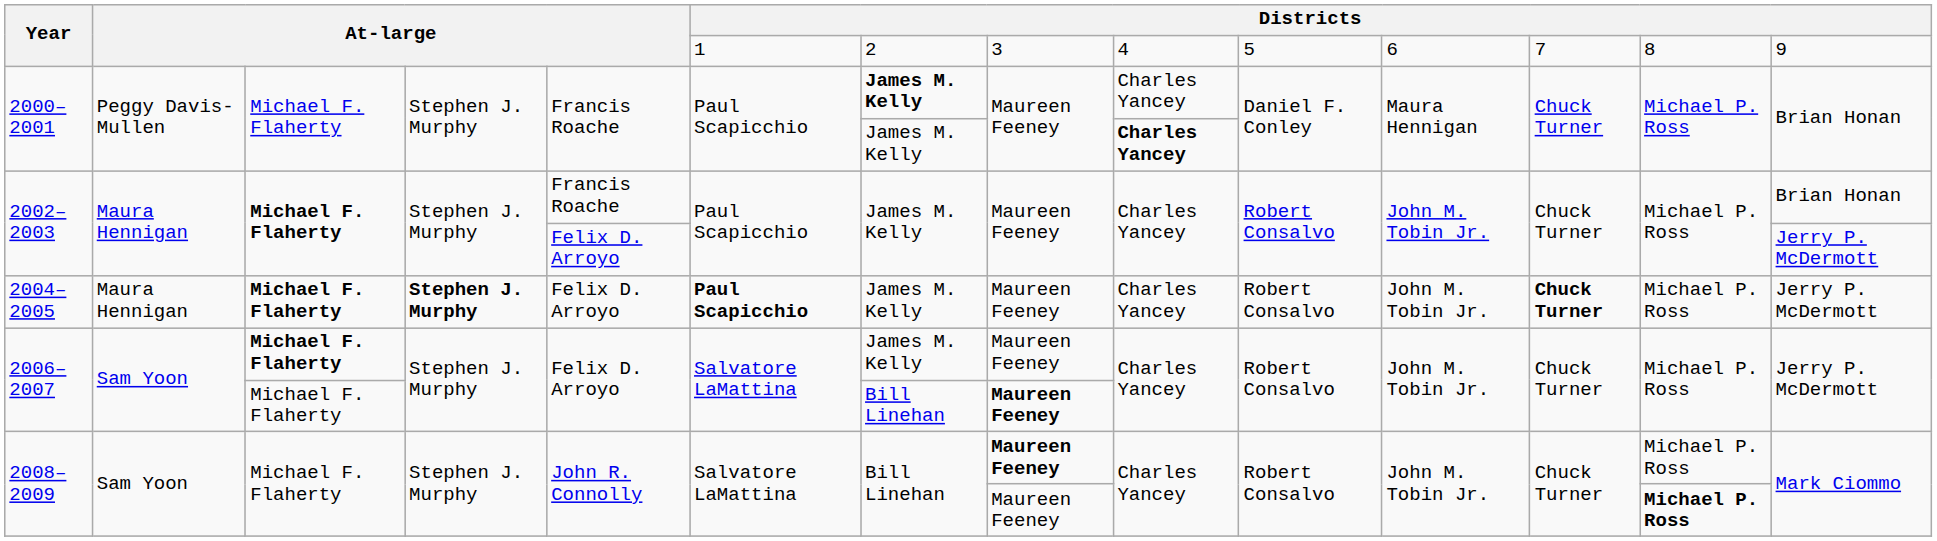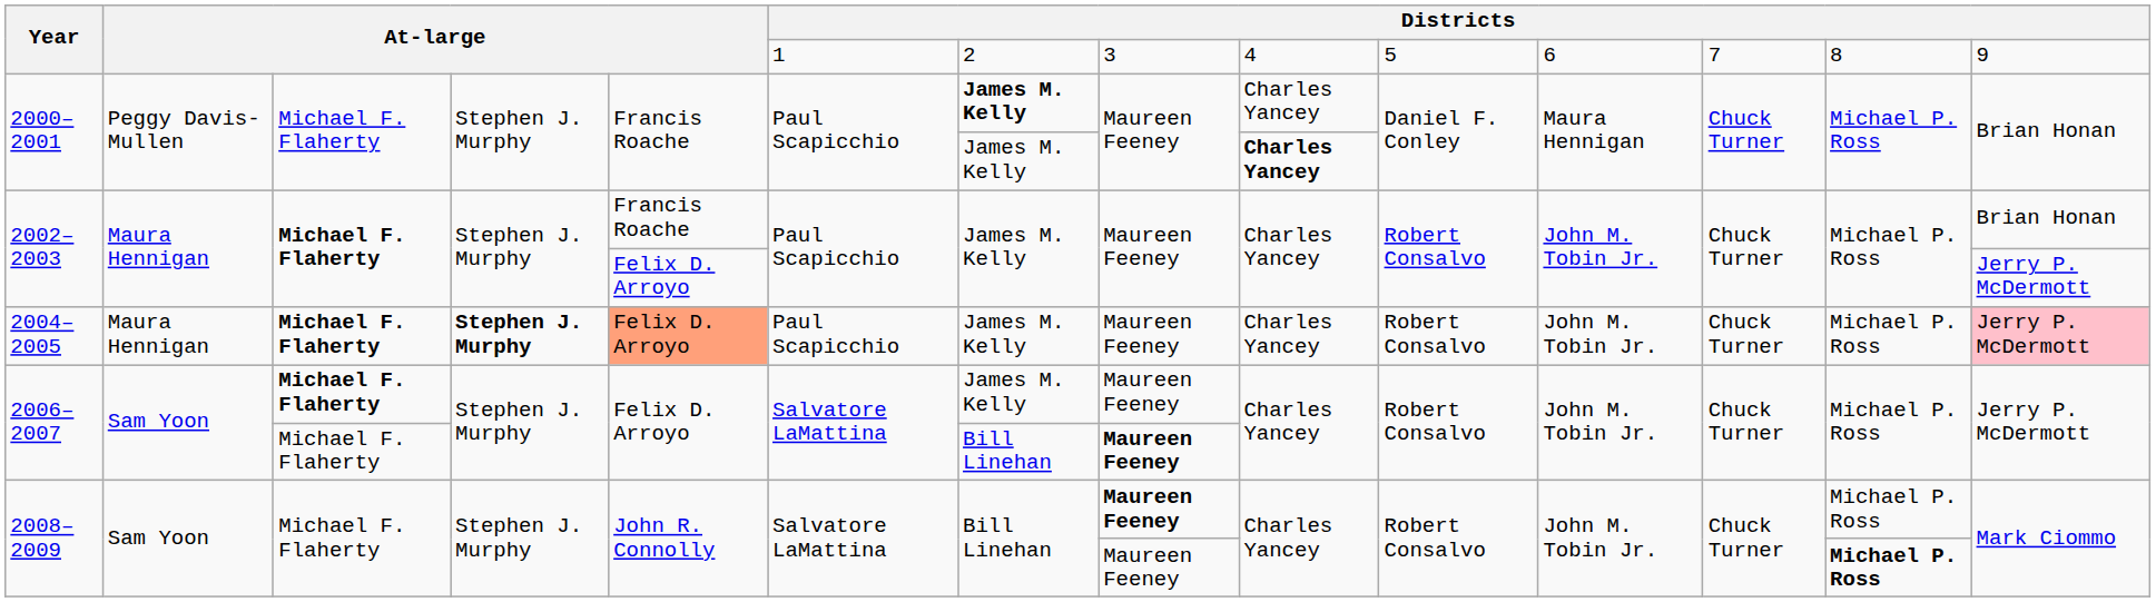 <table class=wikitable style="font-size: 95%;">
 <tr>
 <th rowspan=2>Year</th>
 <th rowspan=2 colspan=4>At-large</th>
 <th colspan=9>Districts</th>
 </tr>
 <tr>
 <td>1</td>
 <td>2</td>
 <td>3</td>
 <td>4</td>
 <td>5</td>
 <td>6</td>
 <td>7</td>
 <td>8</td>
 <td>9</td>
 </tr>
 <tr>
 <td rowspan=2><a href='#'>2000–2001</a></td>
 <td rowspan=2>Peggy Davis-Mullen</td>
 <td rowspan=2><a href='#'>Michael F. Flaherty</a></td>
 <td rowspan=2>Stephen J. Murphy</td>
 <td rowspan=2>Francis Roache</td>
 <td rowspan=2>Paul Scapicchio</td>
 <td><strong>James M. Kelly</strong></td>
 <td rowspan=2>Maureen Feeney</td>
 <td>Charles Yancey</td>
 <td rowspan=2>Daniel F. Conley</td>
 <td rowspan=2>Maura Hennigan</td>
 <td rowspan=2><a href='#'>Chuck Turner</a></td>
 <td rowspan=2><a href='#'>Michael P. Ross</a></td>
 <td rowspan=2>Brian Honan</td>
 </tr>
 <tr>
 <td>James M. Kelly</td>
 <td><strong>Charles Yancey</strong></td>
 </tr>
 <tr>
 <td rowspan=2><a href='#'>2002–2003</a></td>
 <td rowspan=2><a href='#'>Maura Hennigan</a></td>
 <td rowspan=2><strong>Michael F. Flaherty</strong></td>
 <td rowspan=2>Stephen J. Murphy</td>
 <td>Francis Roache</td>
 <td rowspan=2>Paul Scapicchio</td>
 <td rowspan=2>James M. Kelly</td>
 <td rowspan=2>Maureen Feeney</td>
 <td rowspan=2>Charles Yancey</td>
 <td rowspan=2><a href='#'>Robert Consalvo</a></td>
 <td rowspan=2><a href='#'>John M. Tobin Jr.</a></td>
 <td rowspan=2>Chuck Turner</td>
 <td rowspan=2>Michael P. Ross</td>
 <td>Brian Honan</td>
 </tr>
 <tr>
 <td><a href='#'>Felix D. Arroyo</a></td>
 <td><a href='#'>Jerry P. McDermott</a></td>
 </tr>
 <tr>
 <td><a href='#'>2004–2005</a></td>
 <td>Maura Hennigan</td>
 <td><strong>Michael F. Flaherty</strong></td>
 <td><strong>Stephen J. Murphy</strong></td>
-<td>Felix D. Arroyo</td>
-<td><strong>Paul Scapicchio</strong></td>
+<td style="background: lightsalmon;">Felix D. Arroyo</td>
+<td>Paul Scapicchio</td>
 <td>James M. Kelly</td>
 <td>Maureen Feeney</td>
 <td>Charles Yancey</td>
 <td>Robert Consalvo</td>
 <td>John M. Tobin Jr.</td>
-<td><strong>Chuck Turner</strong></td>
+<td>Chuck Turner</td>
 <td>Michael P. Ross</td>
-<td>Jerry P. McDermott</td>
+<td style="background: pink;">Jerry P. McDermott</td>
 </tr>
 <tr>
 <td rowspan=2><a href='#'>2006–2007</a></td>
 <td rowspan=2><a href='#'>Sam Yoon</a></td>
 <td><strong>Michael F. Flaherty</strong></td>
 <td rowspan=2>Stephen J. Murphy</td>
 <td rowspan=2>Felix D. Arroyo</td>
 <td rowspan=2><a href='#'>Salvatore LaMattina</a></td>
 <td>James M. Kelly</td>
 <td>Maureen Feeney</td>
 <td rowspan=2>Charles Yancey</td>
 <td rowspan=2>Robert Consalvo</td>
 <td rowspan=2>John M. Tobin Jr.</td>
 <td rowspan=2>Chuck Turner</td>
 <td rowspan=2>Michael P. Ross</td>
 <td rowspan=2>Jerry P. McDermott</td>
 </tr>
 <tr>
 <td>Michael F. Flaherty</td>
 <td><a href='#'>Bill Linehan</a></td>
 <td><strong>Maureen Feeney</strong></td>
 </tr>
 <tr>
 <td rowspan=2><a href='#'>2008–2009</a></td>
 <td rowspan=2>Sam Yoon</td>
 <td rowspan=2>Michael F. Flaherty</td>
 <td rowspan=2>Stephen J. Murphy</td>
 <td rowspan=2><a href='#'>John R. Connolly</a></td>
 <td rowspan=2>Salvatore LaMattina</td>
 <td rowspan=2>Bill Linehan</td>
 <td><strong>Maureen Feeney</strong></td>
 <td rowspan=2>Charles Yancey</td>
 <td rowspan=2>Robert Consalvo</td>
 <td rowspan=2>John M. Tobin Jr.</td>
 <td rowspan=2>Chuck Turner</td>
 <td>Michael P. Ross</td>
 <td rowspan=2><a href='#'>Mark Ciommo</a></td>
 </tr>
 <tr>
 <td>Maureen Feeney</td>
 <td><strong>Michael P. Ross</strong> </td>
 </tr>
 </table>
